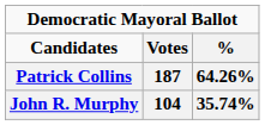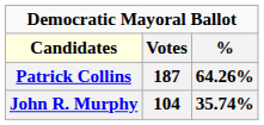 <table class="wikitable" style="text-align:center">
 <tr>
 <td colspan="3"><strong>Democratic Mayoral Ballot</strong></td>
 </tr>
 <tr>
-<td><strong>Candidates</strong></td>
+<td style="background: lightyellow;"><strong>Candidates</strong></td>
 <th>Votes</th>
 <th>%</th>
 </tr>
 <tr>
 <th><a href='#'>Patrick Collins</a></th>
 <th>187</th>
 <th>64.26%</th>
 </tr>
 <tr>
 <th><a href='#'>John R. Murphy</a></th>
 <th>104</th>
 <th>35.74%</th>
 </tr>
 </table>
